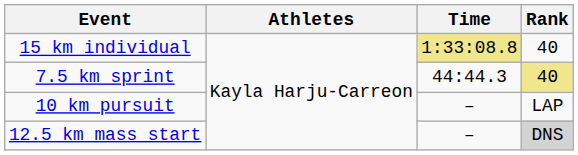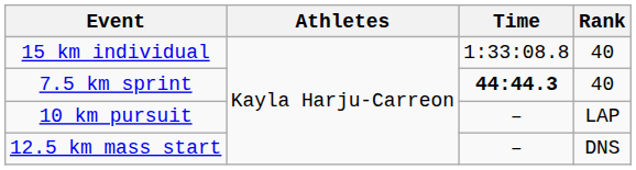 <table class="wikitable" border="1">
 <tr>
 <th>Event</th>
 <th>Athletes</th>
 <th>Time</th>
 <th>Rank</th>
 </tr>
 <tr align=center>
 <td><a href='#'>15 km individual</a></td>
 <td align=left rowspan=4>Kayla Harju-Carreon</td>
-<td style="background: khaki;">1:33:08.8</td>
+<td>1:33:08.8</td>
 <td>40</td>
 </tr>
 <tr align=center>
 <td><a href='#'>7.5 km sprint</a></td>
-<td>44:44.3</td>
-<td style="background: khaki;">40</td>
+<td><strong>44:44.3</strong></td>
+<td>40</td>
 </tr>
 <tr align=center>
 <td><a href='#'>10 km pursuit</a></td>
 <td>–</td>
 <td>LAP</td>
 </tr>
 <tr align=center>
 <td><a href='#'>12.5 km mass start</a></td>
 <td>–</td>
-<td style="background: lightgrey;">DNS</td>
+<td>DNS</td>
 </tr>
 </table>
